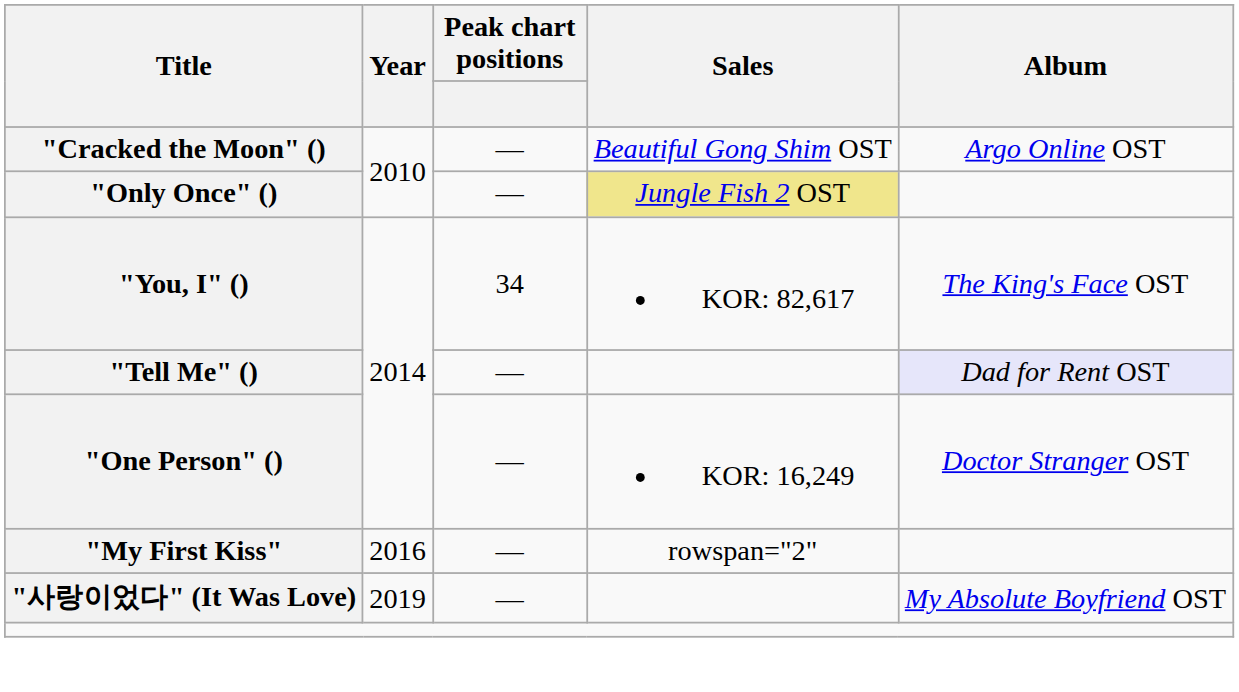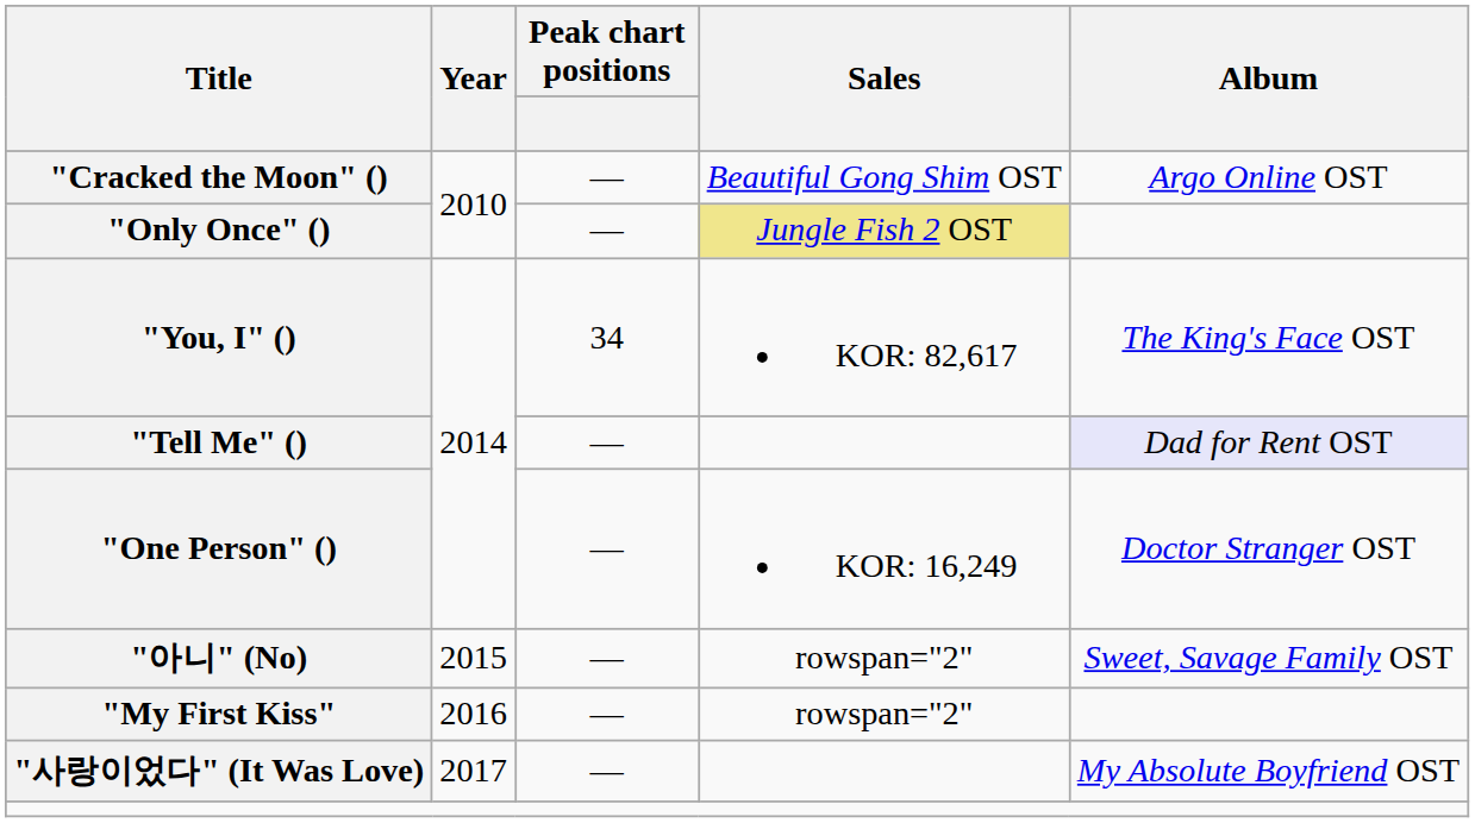 <table class="wikitable plainrowheaders" style="text-align:center">
 <tr>
 <th scope="col" rowspan="2">Title</th>
 <th scope="col" rowspan="2">Year</th>
 <th style="width:5em">Peak chart positions</th>
 <th scope="col" rowspan="2">Sales</th>
 <th scope="col" rowspan="2">Album</th>
 </tr>
 <tr>
 <th><br></th>
 </tr>
 <tr>
 <th scope="row">"Cracked the Moon" ()</th>
 <td rowspan="2">2010</td>
 <td>—</td>
 <td><em><a href='#'>Beautiful Gong Shim</a></em> OST</td>
 <td><em><a href='#'>Argo Online</a></em> OST</td>
 </tr>
 <tr>
 <th scope="row">"Only Once" ()</th>
 <td>—</td>
 <td style="background: khaki;"><em><a href='#'>Jungle Fish 2</a></em> OST</td>
 </tr>
 <tr>
 <th scope="row">"You, I" ()</th>
 <td rowspan="3">2014</td>
 <td>34</td>
 <td><br><ul><li>KOR: 82,617</li></ul></td>
 <td><em><a href='#'>The King's Face</a></em> OST</td>
 </tr>
 <tr>
 <th scope="row">"Tell Me" ()</th>
 <td>—</td>
 <td></td>
 <td style="background: lavender;"><em>Dad for Rent</em> OST</td>
 </tr>
 <tr>
 <th scope="row">"One Person" ()</th>
 <td>—</td>
 <td><br><ul><li>KOR: 16,249</li></ul></td>
 <td><em><a href='#'>Doctor Stranger</a></em> OST</td>
 </tr>
 <tr>
+<th scope="row">"아니" (No)<br></th>
+<td>2015</td>
+<td>—</td>
+<td>rowspan="2" </td>
+<td><em><a href='#'>Sweet, Savage Family</a></em> OST</td>
+</tr>
+<tr>
 <th scope="row">"My First Kiss"</th>
 <td>2016</td>
 <td>—</td>
 <td>rowspan="2" </td>
 </tr>
 <tr>
 <th scope="row">"사랑이었다" (It Was Love)<br></th>
-<td>2019</td>
+<td>2017</td>
 <td>—</td>
 <td></td>
 <td><em><a href='#'>My Absolute Boyfriend</a></em> OST</td>
 </tr>
 <tr>
 <td colspan="5"></td>
 </tr>
 </table>
